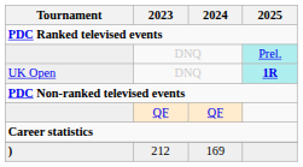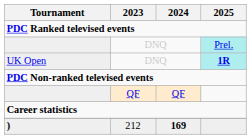 <table class="wikitable" style="width:30%; margin:0">
 <tr>
 <th>Tournament</th>
 <th>2023</th>
 <th>2024</th>
 <th>2025</th>
 </tr>
 <tr>
 <td colspan="10" style="text-align:left"><strong><a href='#'>PDC</a> Ranked televised events</strong></td>
 </tr>
 <tr>
 <td style="background:#efefef;"></td>
 <td colspan="2" style="text-align:center; color:#ccc;">DNQ</td>
 <td style="text-align:center; background:#afeeee;"><a href='#'>Prel.</a></td>
 </tr>
 <tr>
 <td style="background:#efefef;"><a href='#'>UK Open</a></td>
 <td colspan="2" style="text-align:center; color:#ccc;">DNQ</td>
 <td style="text-align:center; background:#afeeee;"><strong><a href='#'>1R</a></strong></td>
 </tr>
 <tr>
 <td colspan="20" style="text-align:left"><strong><a href='#'>PDC</a> Non-ranked televised events</strong></td>
 </tr>
 <tr>
 <td style="background:#efefef;"></td>
 <td style="text-align:center; background:#ffebcd;"><a href='#'>QF</a></td>
 <td style="text-align:center; background:#ffebcd;"><a href='#'>QF</a></td>
 <td></td>
 </tr>
 <tr>
 <td colspan="20" style="text-align:left"><strong>Career statistics</strong></td>
 </tr>
 <tr>
 </tr>
 <tr style="background:#efefef">
 <td style="text-align:left"><strong>)</strong></td>
 <td style="text-align:center;">212</td>
-<td style="text-align:center;">169</td>
+<td style="text-align:center;"><strong>169</strong></td>
 <td></td>
 </tr>
 </table>
